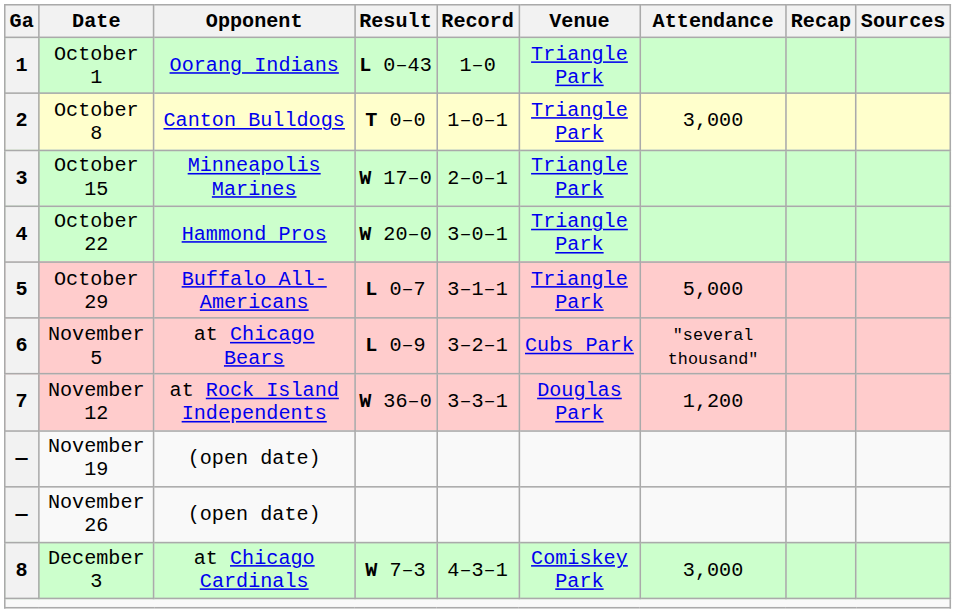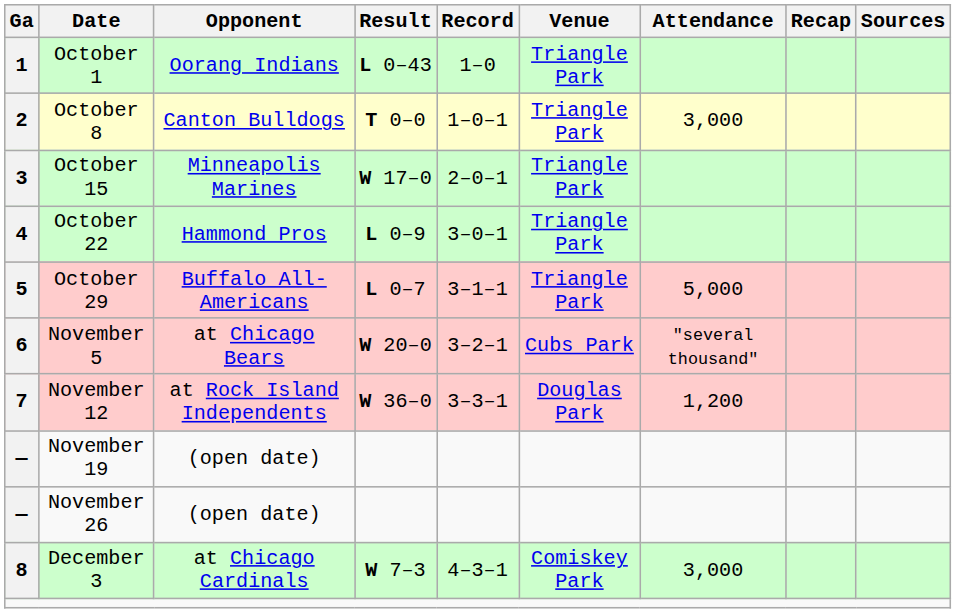 <table class="wikitable" style="text-align:center">
 <tr>
 <th>Ga</th>
 <th>Date</th>
 <th>Opponent</th>
 <th>Result</th>
 <th>Record</th>
 <th>Venue</th>
 <th>Attendance</th>
 <th>Recap</th>
 <th>Sources</th>
 </tr>
 <tr style="background:#cfc">
 <th>1</th>
 <td>October 1</td>
 <td><a href='#'>Oorang Indians</a></td>
 <td><strong>L</strong> 0–43</td>
 <td>1–0</td>
 <td><a href='#'>Triangle Park</a></td>
 <td></td>
 <td></td>
 <td></td>
 </tr>
 <tr style="background:#ffc">
 <th>2</th>
 <td>October 8</td>
 <td><a href='#'>Canton Bulldogs</a></td>
 <td><strong>T</strong> 0–0</td>
 <td>1–0–1</td>
 <td><a href='#'>Triangle Park</a></td>
 <td>3,000</td>
 <td></td>
 <td></td>
 </tr>
 <tr style="background:#cfc">
 <th>3</th>
 <td>October 15</td>
 <td><a href='#'>Minneapolis Marines</a></td>
 <td><strong>W</strong> 17–0</td>
 <td>2–0–1</td>
 <td><a href='#'>Triangle Park</a></td>
 <td></td>
 <td></td>
 <td></td>
 </tr>
 <tr style="background:#cfc">
 <th>4</th>
 <td>October 22</td>
 <td><a href='#'>Hammond Pros</a></td>
-<td><strong>W</strong> 20–0</td>
+<td><strong>L</strong> 0–9</td>
 <td>3–0–1</td>
 <td><a href='#'>Triangle Park</a></td>
 <td></td>
 <td></td>
 <td></td>
 </tr>
 <tr style="background:#fcc">
 <th>5</th>
 <td>October 29</td>
 <td><a href='#'>Buffalo All-Americans</a></td>
 <td><strong>L</strong> 0–7</td>
 <td>3–1–1</td>
 <td><a href='#'>Triangle Park</a></td>
 <td>5,000</td>
 <td></td>
 <td></td>
 </tr>
 <tr style="background:#fcc">
 <th>6</th>
 <td>November 5</td>
 <td>at <a href='#'>Chicago Bears</a></td>
-<td><strong>L</strong> 0–9</td>
+<td><strong>W</strong> 20–0</td>
 <td>3–2–1</td>
 <td><a href='#'>Cubs Park</a></td>
 <td><small>"several thousand"</small></td>
 <td></td>
 <td></td>
 </tr>
 <tr style="background:#fcc">
 <th>7</th>
 <td>November 12</td>
 <td>at <a href='#'>Rock Island Independents</a></td>
 <td><strong>W</strong> 36–0</td>
 <td>3–3–1</td>
 <td><a href='#'>Douglas Park</a></td>
 <td>1,200</td>
 <td></td>
 <td></td>
 </tr>
 <tr>
 <th>—</th>
 <td>November 19</td>
 <td>(open date)</td>
 <td></td>
 <td></td>
 <td></td>
 <td></td>
 <td></td>
 <td></td>
 </tr>
 <tr>
 <th>—</th>
 <td>November 26</td>
 <td>(open date)</td>
 <td></td>
 <td></td>
 <td></td>
 <td></td>
 <td></td>
 <td></td>
 </tr>
 <tr style="background:#cfc">
 <th>8</th>
 <td>December 3</td>
 <td>at <a href='#'>Chicago Cardinals</a></td>
 <td><strong>W</strong> 7–3</td>
 <td>4–3–1</td>
 <td><a href='#'>Comiskey Park</a></td>
 <td>3,000 </td>
 <td></td>
 <td></td>
 </tr>
 <tr>
 <td colspan="10"></td>
 </tr>
 </table>
